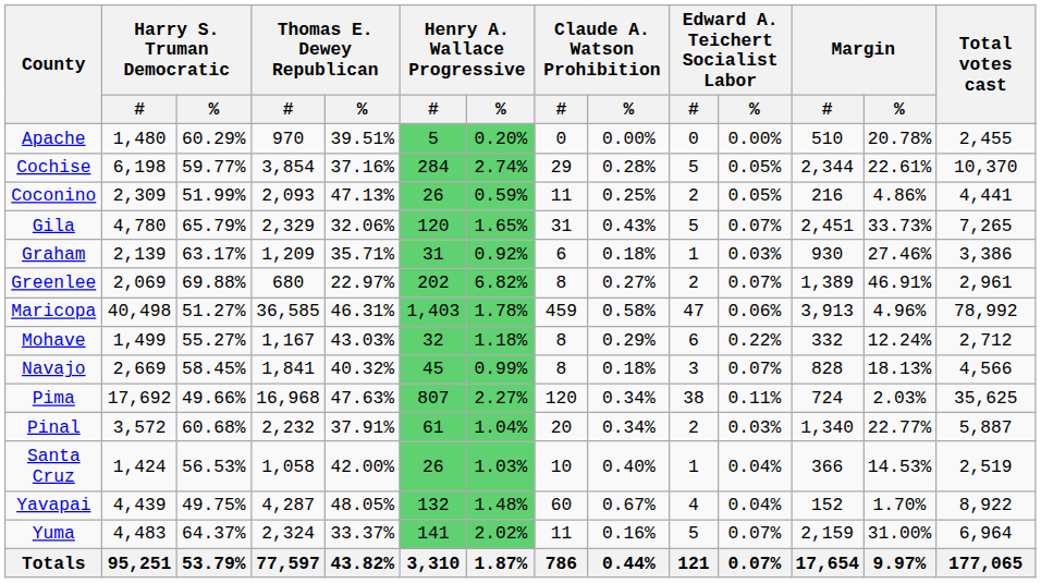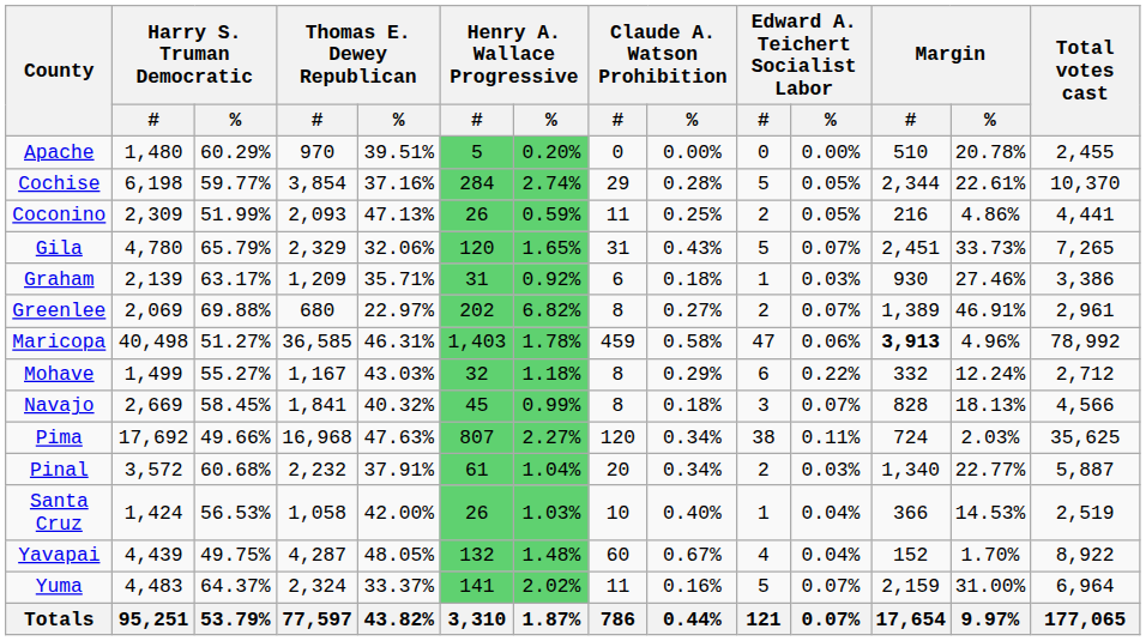 <table width="60%" class="wikitable sortable">
 <tr>
 <th rowspan="2">County</th>
 <th colspan="2">Harry S. Truman<br>Democratic</th>
 <th colspan="2">Thomas E. Dewey<br>Republican</th>
 <th colspan="2">Henry A. Wallace<br>Progressive</th>
 <th colspan="2">Claude A. Watson<br>Prohibition</th>
 <th colspan="2">Edward A. Teichert<br>Socialist Labor</th>
 <th colspan="2">Margin</th>
 <th rowspan="2">Total votes cast</th>
 </tr>
 <tr>
 <th data-sort-type="number">#</th>
 <th data-sort-type="number">%</th>
 <th data-sort-type="number">#</th>
 <th data-sort-type="number">%</th>
 <th data-sort-type="number">#</th>
 <th data-sort-type="number">%</th>
 <th data-sort-type="number">#</th>
 <th data-sort-type="number">%</th>
 <th data-sort-type="number">#</th>
 <th data-sort-type="number">%</th>
 <th data-sort-type="number">#</th>
 <th data-sort-type="number">%</th>
 </tr>
 <tr style="text-align:center;">
 <td><a href='#'>Apache</a></td>
 <td>1,480</td>
 <td>60.29%</td>
 <td>970</td>
 <td>39.51%</td>
 <td bgcolor="#5FD170">5</td>
 <td bgcolor="#5FD170">0.20%</td>
 <td>0</td>
 <td>0.00%</td>
 <td>0</td>
 <td>0.00%</td>
 <td>510</td>
 <td>20.78%</td>
 <td>2,455</td>
 </tr>
 <tr style="text-align:center;">
 <td><a href='#'>Cochise</a></td>
 <td>6,198</td>
 <td>59.77%</td>
 <td>3,854</td>
 <td>37.16%</td>
 <td bgcolor="#5FD170">284</td>
 <td bgcolor="#5FD170">2.74%</td>
 <td>29</td>
 <td>0.28%</td>
 <td>5</td>
 <td>0.05%</td>
 <td>2,344</td>
 <td>22.61%</td>
 <td>10,370</td>
 </tr>
 <tr style="text-align:center;">
 <td><a href='#'>Coconino</a></td>
 <td>2,309</td>
 <td>51.99%</td>
 <td>2,093</td>
 <td>47.13%</td>
 <td bgcolor="#5FD170">26</td>
 <td bgcolor="#5FD170">0.59%</td>
 <td>11</td>
 <td>0.25%</td>
 <td>2</td>
 <td>0.05%</td>
 <td>216</td>
 <td>4.86%</td>
 <td>4,441</td>
 </tr>
 <tr style="text-align:center;">
 <td><a href='#'>Gila</a></td>
 <td>4,780</td>
 <td>65.79%</td>
 <td>2,329</td>
 <td>32.06%</td>
 <td bgcolor="#5FD170">120</td>
 <td bgcolor="#5FD170">1.65%</td>
 <td>31</td>
 <td>0.43%</td>
 <td>5</td>
 <td>0.07%</td>
 <td>2,451</td>
 <td>33.73%</td>
 <td>7,265</td>
 </tr>
 <tr style="text-align:center;">
 <td><a href='#'>Graham</a></td>
 <td>2,139</td>
 <td>63.17%</td>
 <td>1,209</td>
 <td>35.71%</td>
 <td bgcolor="#5FD170">31</td>
 <td bgcolor="#5FD170">0.92%</td>
 <td>6</td>
 <td>0.18%</td>
 <td>1</td>
 <td>0.03%</td>
 <td>930</td>
 <td>27.46%</td>
 <td>3,386</td>
 </tr>
 <tr style="text-align:center;">
 <td><a href='#'>Greenlee</a></td>
 <td>2,069</td>
 <td>69.88%</td>
 <td>680</td>
 <td>22.97%</td>
 <td bgcolor="#5FD170">202</td>
 <td bgcolor="#5FD170">6.82%</td>
 <td>8</td>
 <td>0.27%</td>
 <td>2</td>
 <td>0.07%</td>
 <td>1,389</td>
 <td>46.91%</td>
 <td>2,961</td>
 </tr>
 <tr style="text-align:center;">
 <td><a href='#'>Maricopa</a></td>
 <td>40,498</td>
 <td>51.27%</td>
 <td>36,585</td>
 <td>46.31%</td>
 <td bgcolor="#5FD170">1,403</td>
 <td bgcolor="#5FD170">1.78%</td>
 <td>459</td>
 <td>0.58%</td>
 <td>47</td>
 <td>0.06%</td>
-<td>3,913</td>
+<td><strong>3,913</strong></td>
 <td>4.96%</td>
 <td>78,992</td>
 </tr>
 <tr style="text-align:center;">
 <td><a href='#'>Mohave</a></td>
 <td>1,499</td>
 <td>55.27%</td>
 <td>1,167</td>
 <td>43.03%</td>
 <td bgcolor="#5FD170">32</td>
 <td bgcolor="#5FD170">1.18%</td>
 <td>8</td>
 <td>0.29%</td>
 <td>6</td>
 <td>0.22%</td>
 <td>332</td>
 <td>12.24%</td>
 <td>2,712</td>
 </tr>
 <tr style="text-align:center;">
 <td><a href='#'>Navajo</a></td>
 <td>2,669</td>
 <td>58.45%</td>
 <td>1,841</td>
 <td>40.32%</td>
 <td bgcolor="#5FD170">45</td>
 <td bgcolor="#5FD170">0.99%</td>
 <td>8</td>
 <td>0.18%</td>
 <td>3</td>
 <td>0.07%</td>
 <td>828</td>
 <td>18.13%</td>
 <td>4,566</td>
 </tr>
 <tr style="text-align:center;">
 <td><a href='#'>Pima</a></td>
 <td>17,692</td>
 <td>49.66%</td>
 <td>16,968</td>
 <td>47.63%</td>
 <td bgcolor="#5FD170">807</td>
 <td bgcolor="#5FD170">2.27%</td>
 <td>120</td>
 <td>0.34%</td>
 <td>38</td>
 <td>0.11%</td>
 <td>724</td>
 <td>2.03%</td>
 <td>35,625</td>
 </tr>
 <tr style="text-align:center;">
 <td><a href='#'>Pinal</a></td>
 <td>3,572</td>
 <td>60.68%</td>
 <td>2,232</td>
 <td>37.91%</td>
 <td bgcolor="#5FD170">61</td>
 <td bgcolor="#5FD170">1.04%</td>
 <td>20</td>
 <td>0.34%</td>
 <td>2</td>
 <td>0.03%</td>
 <td>1,340</td>
 <td>22.77%</td>
 <td>5,887</td>
 </tr>
 <tr style="text-align:center;">
 <td><a href='#'>Santa Cruz</a></td>
 <td>1,424</td>
 <td>56.53%</td>
 <td>1,058</td>
 <td>42.00%</td>
 <td bgcolor="#5FD170">26</td>
 <td bgcolor="#5FD170">1.03%</td>
 <td>10</td>
 <td>0.40%</td>
 <td>1</td>
 <td>0.04%</td>
 <td>366</td>
 <td>14.53%</td>
 <td>2,519</td>
 </tr>
 <tr style="text-align:center;">
 <td><a href='#'>Yavapai</a></td>
 <td>4,439</td>
 <td>49.75%</td>
 <td>4,287</td>
 <td>48.05%</td>
 <td bgcolor="#5FD170">132</td>
 <td bgcolor="#5FD170">1.48%</td>
 <td>60</td>
 <td>0.67%</td>
 <td>4</td>
 <td>0.04%</td>
 <td>152</td>
 <td>1.70%</td>
 <td>8,922</td>
 </tr>
 <tr style="text-align:center;">
 <td><a href='#'>Yuma</a></td>
 <td>4,483</td>
 <td>64.37%</td>
 <td>2,324</td>
 <td>33.37%</td>
 <td bgcolor="#5FD170">141</td>
 <td bgcolor="#5FD170">2.02%</td>
 <td>11</td>
 <td>0.16%</td>
 <td>5</td>
 <td>0.07%</td>
 <td>2,159</td>
 <td>31.00%</td>
 <td>6,964</td>
 </tr>
 <tr style="text-align:center;">
 <th>Totals</th>
 <th>95,251</th>
 <th>53.79%</th>
 <th>77,597</th>
 <th>43.82%</th>
 <th>3,310</th>
 <th>1.87%</th>
 <th>786</th>
 <th>0.44%</th>
 <th>121</th>
 <th>0.07%</th>
 <th>17,654</th>
 <th>9.97%</th>
 <th>177,065</th>
 </tr>
 </table>
